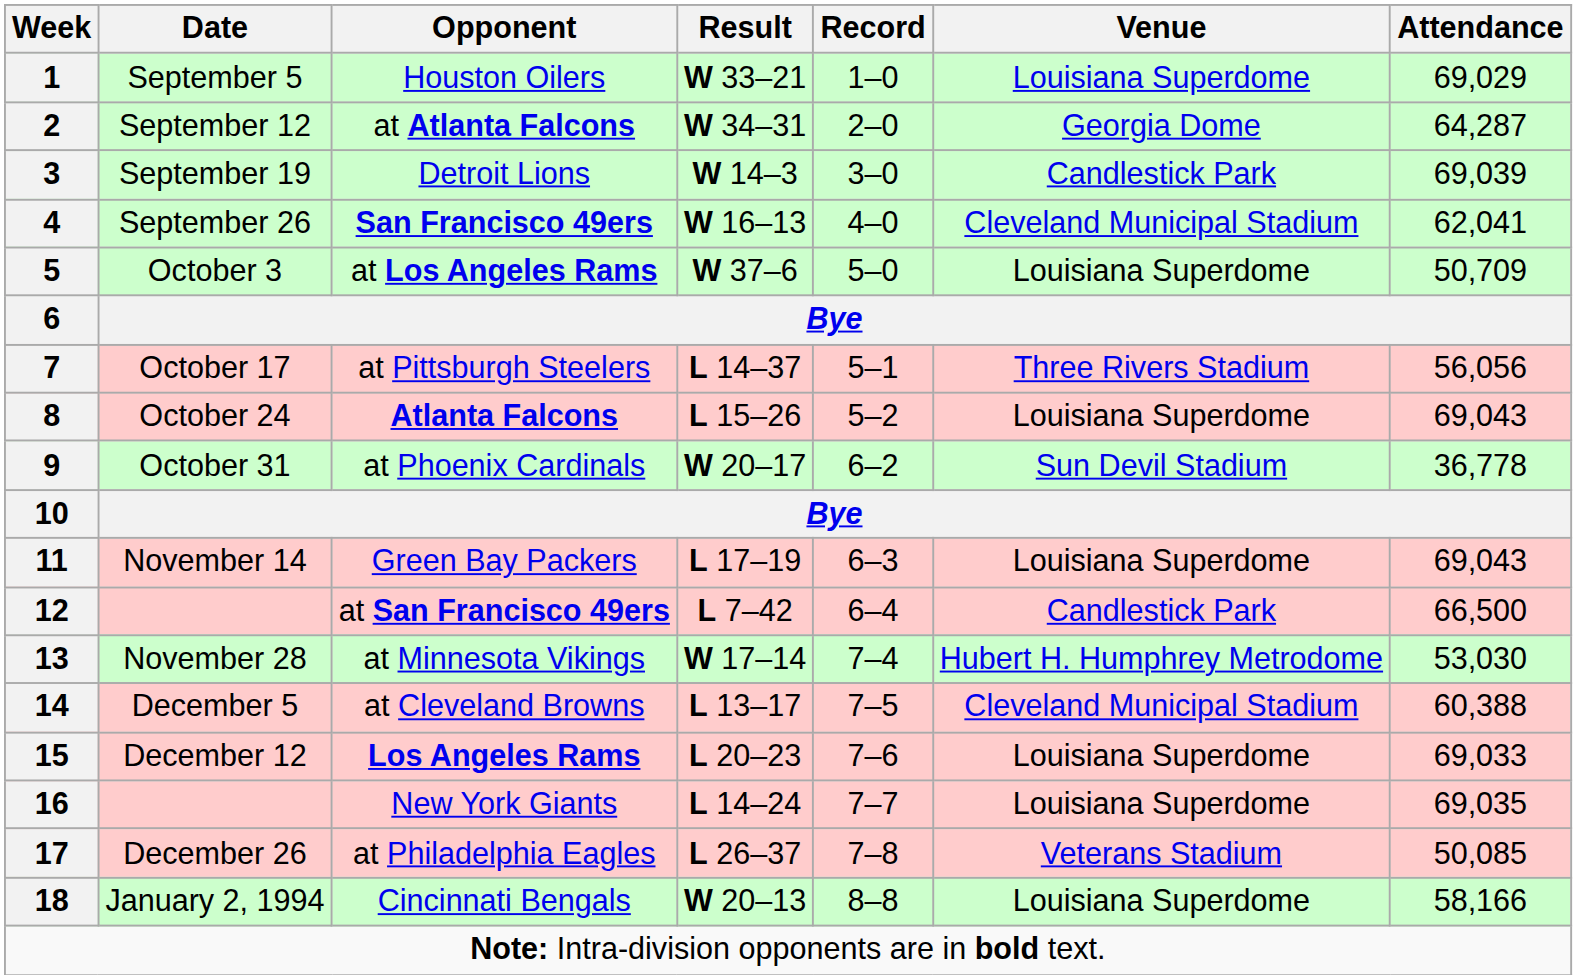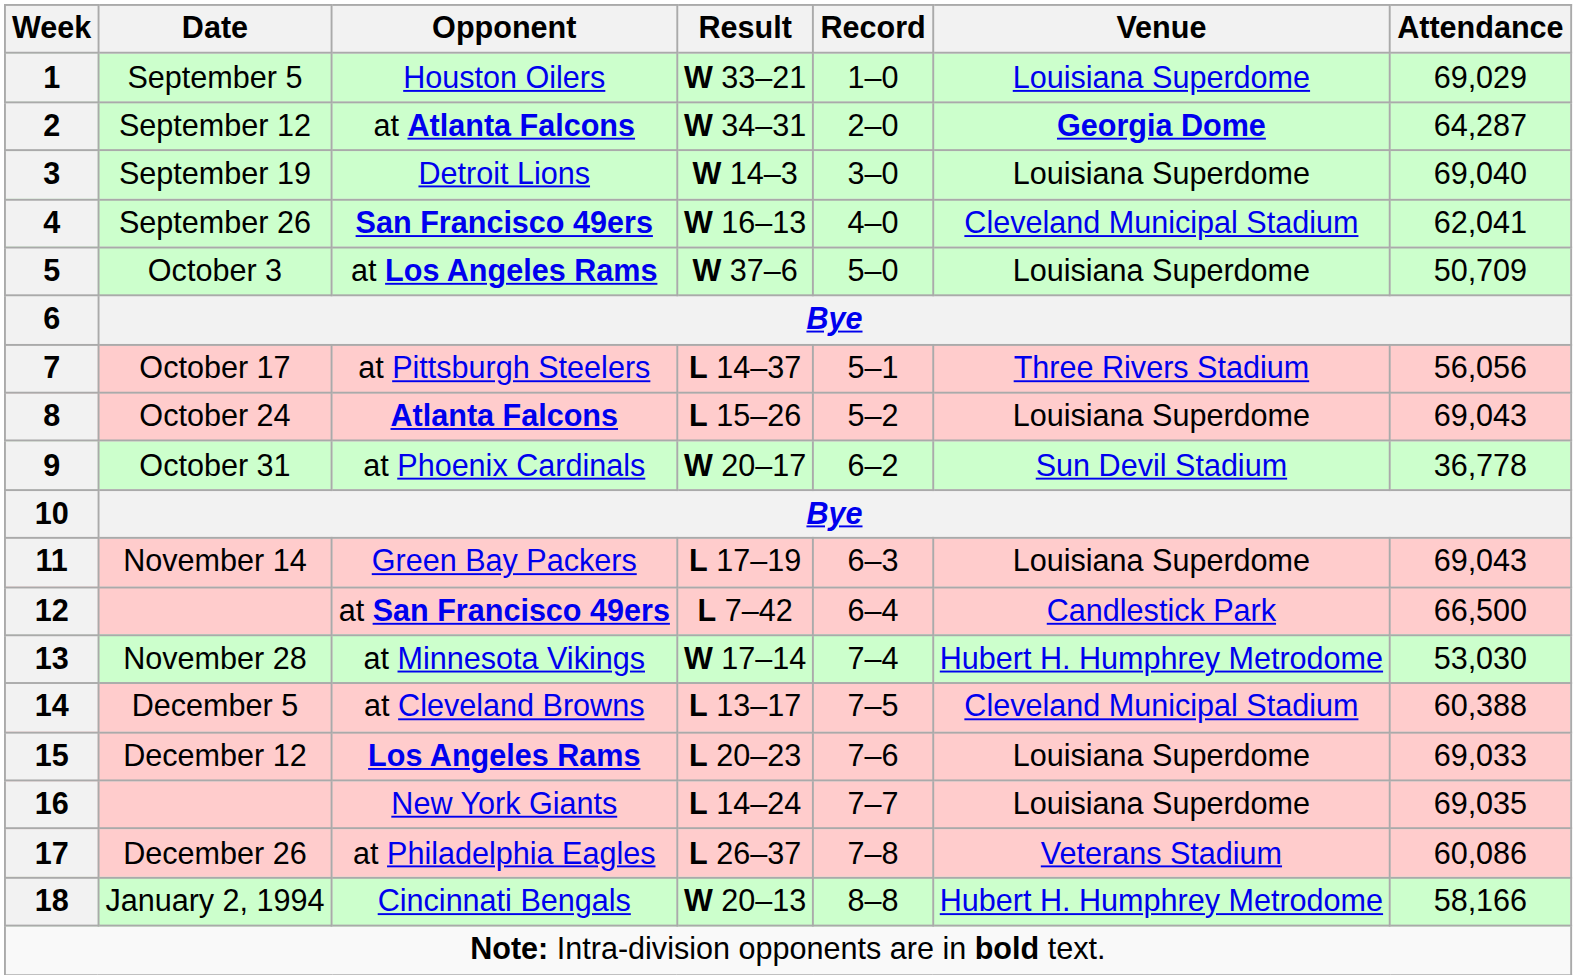 <table class="wikitable" style="text-align: center;">
 <tr>
 <th>Week</th>
 <th>Date</th>
 <th>Opponent</th>
 <th>Result</th>
 <th>Record</th>
 <th>Venue</th>
 <th>Attendance</th>
 </tr>
 <tr style="background:#cfc">
 <th>1</th>
 <td>September 5</td>
 <td><a href='#'>Houston Oilers</a></td>
 <td><strong>W</strong> 33–21</td>
 <td>1–0</td>
 <td><a href='#'>Louisiana Superdome</a></td>
 <td>69,029</td>
 </tr>
 <tr style="background:#cfc">
 <th>2</th>
 <td>September 12</td>
 <td>at <strong><a href='#'>Atlanta Falcons</a></strong></td>
 <td><strong>W</strong> 34–31</td>
 <td>2–0</td>
-<td><a href='#'>Georgia Dome</a></td>
+<td><strong><a href='#'>Georgia Dome</a></strong></td>
 <td>64,287</td>
 </tr>
 <tr style="background:#cfc">
 <th>3</th>
 <td>September 19</td>
 <td><a href='#'>Detroit Lions</a></td>
 <td><strong>W</strong> 14–3</td>
 <td>3–0</td>
-<td><a href='#'>Candlestick Park</a></td>
-<td>69,039</td>
+<td>Louisiana Superdome</td>
+<td>69,040</td>
 </tr>
 <tr style="background:#cfc">
 <th>4</th>
 <td>September 26</td>
 <td><strong><a href='#'>San Francisco 49ers</a></strong></td>
 <td><strong>W</strong> 16–13</td>
 <td>4–0</td>
 <td><a href='#'>Cleveland Municipal Stadium</a></td>
 <td>62,041</td>
 </tr>
 <tr style="background:#cfc">
 <th>5</th>
 <td>October 3</td>
 <td>at <strong><a href='#'>Los Angeles Rams</a></strong></td>
 <td><strong>W</strong> 37–6</td>
 <td>5–0</td>
 <td>Louisiana Superdome</td>
 <td>50,709</td>
 </tr>
 <tr>
 <th>6</th>
 <th colspan="6"><em><a href='#'>Bye</a></em></th>
 </tr>
 <tr style="background:#fcc">
 <th>7</th>
 <td>October 17</td>
 <td>at <a href='#'>Pittsburgh Steelers</a></td>
 <td><strong>L</strong> 14–37</td>
 <td>5–1</td>
 <td><a href='#'>Three Rivers Stadium</a></td>
 <td>56,056</td>
 </tr>
 <tr style="background:#fcc">
 <th>8</th>
 <td>October 24</td>
 <td><strong><a href='#'>Atlanta Falcons</a></strong></td>
 <td><strong>L</strong> 15–26</td>
 <td>5–2</td>
 <td>Louisiana Superdome</td>
 <td>69,043</td>
 </tr>
 <tr style="background:#cfc">
 <th>9</th>
 <td>October 31</td>
 <td>at <a href='#'>Phoenix Cardinals</a></td>
 <td><strong>W</strong> 20–17</td>
 <td>6–2</td>
 <td><a href='#'>Sun Devil Stadium</a></td>
 <td>36,778</td>
 </tr>
 <tr>
 <th>10</th>
 <th colspan="6"><em><a href='#'>Bye</a></em></th>
 </tr>
 <tr style="background:#fcc">
 <th>11</th>
 <td>November 14</td>
 <td><a href='#'>Green Bay Packers</a></td>
 <td><strong>L</strong> 17–19</td>
 <td>6–3</td>
 <td>Louisiana Superdome</td>
 <td>69,043</td>
 </tr>
 <tr style="background:#fcc">
 <th>12</th>
 <td></td>
 <td>at <strong><a href='#'>San Francisco 49ers</a></strong></td>
 <td><strong>L</strong> 7–42</td>
 <td>6–4</td>
 <td><a href='#'>Candlestick Park</a></td>
 <td>66,500</td>
 </tr>
 <tr style="background:#cfc">
 <th>13</th>
 <td>November 28</td>
 <td>at <a href='#'>Minnesota Vikings</a></td>
 <td><strong>W</strong> 17–14</td>
 <td>7–4</td>
 <td><a href='#'>Hubert H. Humphrey Metrodome</a></td>
 <td>53,030</td>
 </tr>
 <tr style="background:#fcc">
 <th>14</th>
 <td>December 5</td>
 <td>at <a href='#'>Cleveland Browns</a></td>
 <td><strong>L</strong> 13–17</td>
 <td>7–5</td>
 <td><a href='#'>Cleveland Municipal Stadium</a></td>
 <td>60,388</td>
 </tr>
 <tr style="background:#fcc">
 <th>15</th>
 <td>December 12</td>
 <td><strong><a href='#'>Los Angeles Rams</a></strong></td>
 <td><strong>L</strong> 20–23</td>
 <td>7–6</td>
 <td>Louisiana Superdome</td>
 <td>69,033</td>
 </tr>
 <tr style="background:#fcc">
 <th>16</th>
 <td></td>
 <td><a href='#'>New York Giants</a></td>
 <td><strong>L</strong> 14–24</td>
 <td>7–7</td>
 <td>Louisiana Superdome</td>
 <td>69,035</td>
 </tr>
 <tr style="background:#fcc">
 <th>17</th>
 <td>December 26</td>
 <td>at <a href='#'>Philadelphia Eagles</a></td>
 <td><strong>L</strong> 26–37</td>
 <td>7–8</td>
 <td><a href='#'>Veterans Stadium</a></td>
-<td>50,085</td>
+<td>60,086</td>
 </tr>
 <tr style="background:#cfc">
 <th>18</th>
 <td>January 2, 1994</td>
 <td><a href='#'>Cincinnati Bengals</a></td>
 <td><strong>W</strong> 20–13</td>
 <td>8–8</td>
-<td>Louisiana Superdome</td>
+<td><a href='#'>Hubert H. Humphrey Metrodome</a></td>
 <td>58,166</td>
 </tr>
 <tr>
 <td colspan="8"><strong>Note:</strong> Intra-division opponents are in <strong>bold</strong> text.</td>
 </tr>
 </table>
